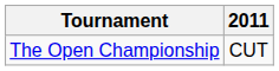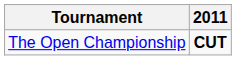 <table class="wikitable" style="font-size:95%;text-align:center;">
 <tr>
 <th>Tournament</th>
 <th>2011</th>
 </tr>
 <tr>
 <td align=left><a href='#'>The Open Championship</a></td>
-<td>CUT</td>
+<td><strong>CUT</strong></td>
 </tr>
 </table>
